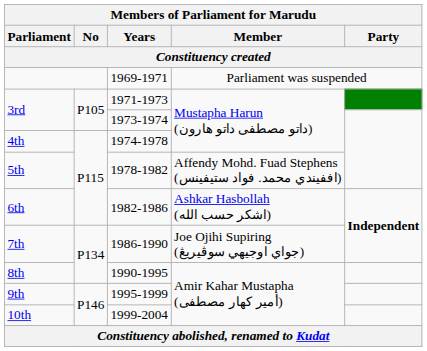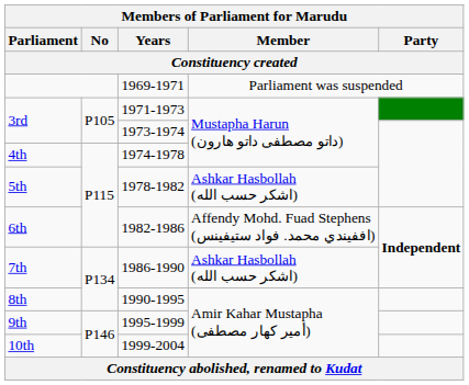 <table class=wikitable>
 <tr>
 <th colspan="5">Members of Parliament for Marudu</th>
 </tr>
 <tr>
 <th>Parliament</th>
 <th>No</th>
 <th>Years</th>
 <th>Member</th>
 <th>Party</th>
 </tr>
 <tr>
 <th colspan="5" align="center"><em>Constituency created</em></th>
 </tr>
 <tr>
 <td colspan="2"></td>
 <td>1969-1971</td>
 <td colspan=2 align=center>Parliament was suspended</td>
 </tr>
 <tr>
 <td rowspan=2><a href='#'>3rd</a></td>
 <td rowspan="2">P105</td>
 <td>1971-1973</td>
 <td rowspan=3><a href='#'>Mustapha Harun</a> <br> (داتو مصطفى داتو هارون)</td>
 <td bgcolor=#008000></td>
 </tr>
 <tr>
 <td>1973-1974</td>
 <td rowspan=3></td>
 </tr>
 <tr>
 <td><a href='#'>4th</a></td>
 <td rowspan="3">P115</td>
 <td>1974-1978</td>
 </tr>
 <tr>
 <td><a href='#'>5th</a></td>
 <td>1978-1982</td>
-<td>Affendy Mohd. Fuad Stephens <br> (اففيندي محمد. فواد ستيفينس)</td>
+<td><a href='#'>Ashkar Hasbollah</a>  <br>(اشكر حسب الله‎)</td>
 </tr>
 <tr>
 <td><a href='#'>6th</a></td>
 <td>1982-1986</td>
-<td><a href='#'>Ashkar Hasbollah</a>  <br>(اشكر حسب الله‎)</td>
+<td>Affendy Mohd. Fuad Stephens <br> (اففيندي محمد. فواد ستيفينس)</td>
 <td rowspan="2"><strong>Independent</strong></td>
 </tr>
 <tr>
 <td><a href='#'>7th</a></td>
 <td rowspan="2">P134</td>
 <td>1986-1990</td>
-<td>Joe Ojihi Supiring <br> (جواي اوجيهي سوڤيريڠ)</td>
+<td><a href='#'>Ashkar Hasbollah</a>  <br>(اشكر حسب الله‎)</td>
 </tr>
 <tr>
 <td><a href='#'>8th</a></td>
 <td>1990-1995</td>
 <td rowspan=3>Amir Kahar Mustapha <br> (أمير كهار مصطفى)</td>
 <td></td>
 </tr>
 <tr>
 <td><a href='#'>9th</a></td>
 <td rowspan="2">P146</td>
 <td>1995-1999</td>
 <td bgcolor=></td>
 </tr>
 <tr>
 <td><a href='#'>10th</a></td>
 <td>1999-2004</td>
 <td></td>
 </tr>
 <tr>
 <th colspan="5" align="center"><em>Constituency abolished, renamed to <a href='#'>Kudat</a></em></th>
 </tr>
 </table>
